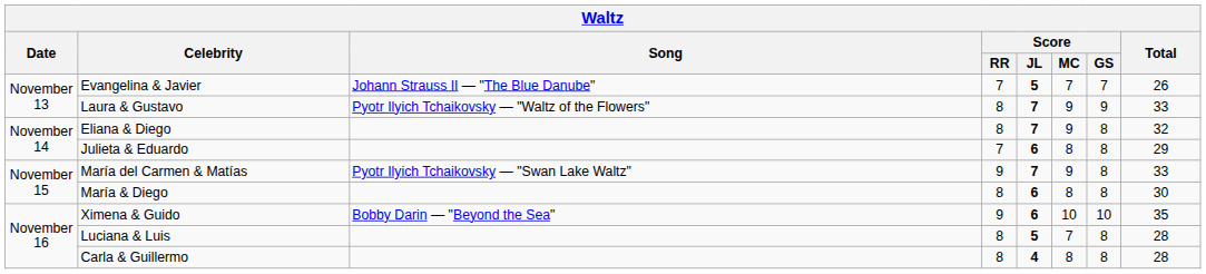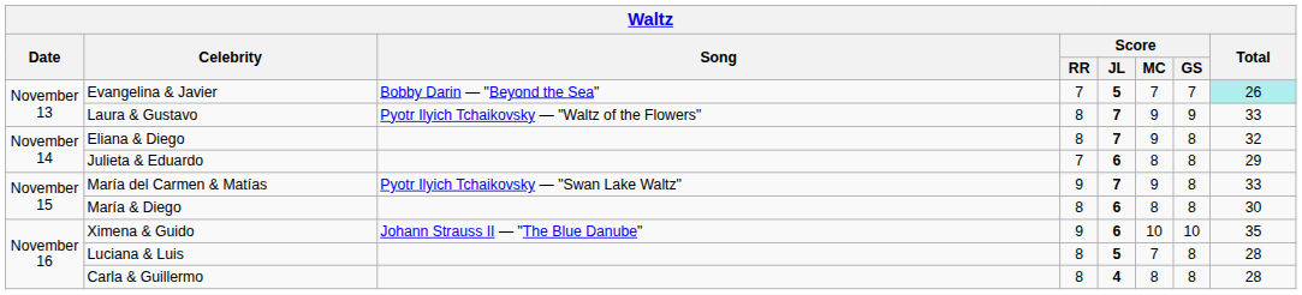 <table class="wikitable collapsible collapsed" style="font-size:90%; text-align: center; width: 100%;">
 <tr>
 <th colspan="11" style="with: 95%;"><big><a href='#'>Waltz</a></big></th>
 </tr>
 <tr>
 <th width=70 rowspan="2">Date</th>
 <th width=280 rowspan="2">Celebrity</th>
 <th rowspan="2">Song</th>
 <th colspan="4">Score</th>
 <th rowspan="2">Total</th>
 </tr>
 <tr>
 <th width=30>RR</th>
 <th width=30>JL</th>
 <th width=30>MC</th>
 <th width=30>GS</th>
 </tr>
 <tr>
 <td rowspan="2">November 13</td>
 <td style="text-align:left;">Evangelina & Javier</td>
-<td style="text-align:left;"><a href='#'>Johann Strauss II</a> — "<a href='#'>The Blue Danube</a>"</td>
+<td style="text-align:left;"><a href='#'>Bobby Darin</a> — "<a href='#'>Beyond the Sea</a>"</td>
 <td>7</td>
 <td><strong>5</strong></td>
 <td>7</td>
 <td>7</td>
-<td>26</td>
+<td style="background: paleturquoise;">26</td>
 </tr>
 <tr>
 <td style="text-align:left;">Laura & Gustavo</td>
 <td style="text-align:left;"><a href='#'>Pyotr Ilyich Tchaikovsky</a> — "Waltz of the Flowers"</td>
 <td>8</td>
 <td><strong>7</strong></td>
 <td>9</td>
 <td>9</td>
 <td>33</td>
 </tr>
 <tr>
 <td rowspan="2">November 14</td>
 <td style="text-align:left;">Eliana & Diego</td>
 <td></td>
 <td>8</td>
 <td><strong>7</strong></td>
 <td>9</td>
 <td>8</td>
 <td>32</td>
 </tr>
 <tr>
 <td style="text-align:left;">Julieta & Eduardo</td>
 <td></td>
 <td>7</td>
 <td><strong>6</strong></td>
 <td>8</td>
 <td>8</td>
 <td>29</td>
 </tr>
 <tr>
 <td rowspan="2">November 15</td>
 <td style="text-align:left;">María del Carmen & Matías</td>
 <td style="text-align:left;"><a href='#'>Pyotr Ilyich Tchaikovsky</a> — "Swan Lake Waltz"</td>
 <td>9</td>
 <td><strong>7</strong></td>
 <td>9</td>
 <td>8</td>
 <td>33</td>
 </tr>
 <tr>
 <td style="text-align:left;">María & Diego</td>
 <td></td>
 <td>8</td>
 <td><strong>6</strong></td>
 <td>8</td>
 <td>8</td>
 <td>30</td>
 </tr>
 <tr>
 <td rowspan="3">November 16</td>
 <td style="text-align:left;">Ximena & Guido</td>
-<td style="text-align:left;"><a href='#'>Bobby Darin</a> — "<a href='#'>Beyond the Sea</a>"</td>
+<td style="text-align:left;"><a href='#'>Johann Strauss II</a> — "<a href='#'>The Blue Danube</a>"</td>
 <td>9</td>
 <td><strong>6</strong></td>
 <td>10</td>
 <td>10</td>
 <td>35</td>
 </tr>
 <tr>
 <td style="text-align:left;">Luciana & Luis</td>
 <td></td>
 <td>8</td>
 <td><strong>5</strong></td>
 <td>7</td>
 <td>8</td>
 <td>28</td>
 </tr>
 <tr>
 <td style="text-align:left;">Carla & Guillermo</td>
 <td></td>
 <td>8</td>
 <td><strong>4</strong></td>
 <td>8</td>
 <td>8</td>
 <td>28</td>
 </tr>
 </table>
